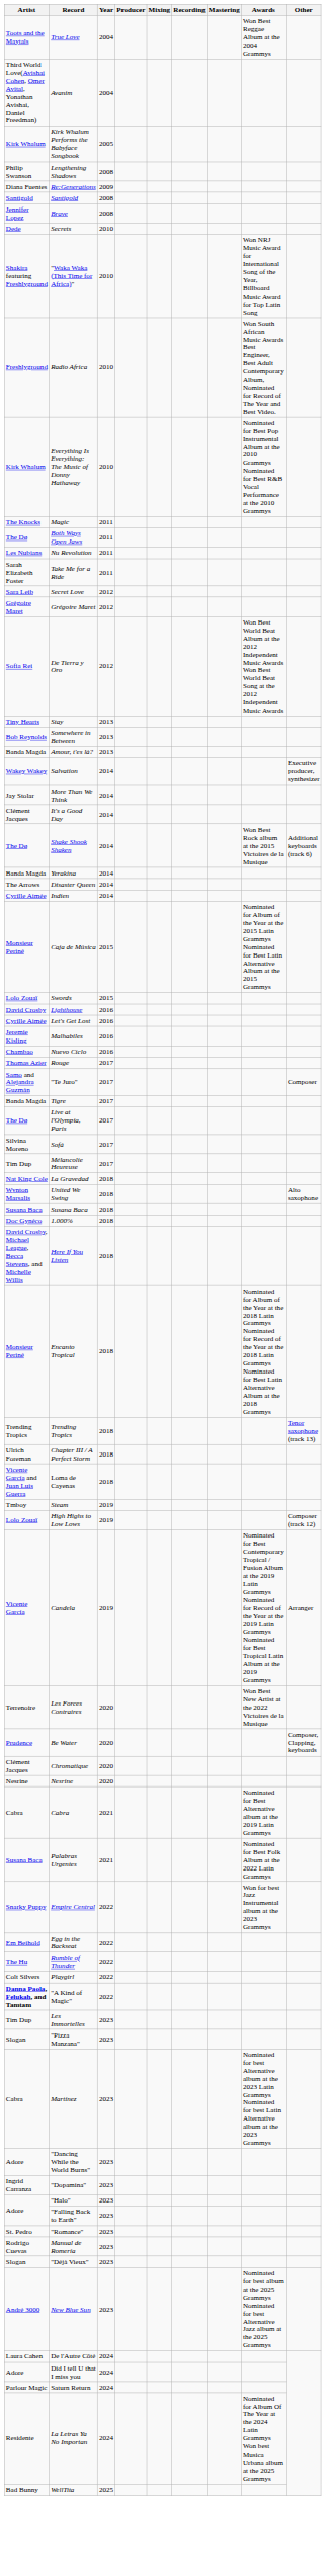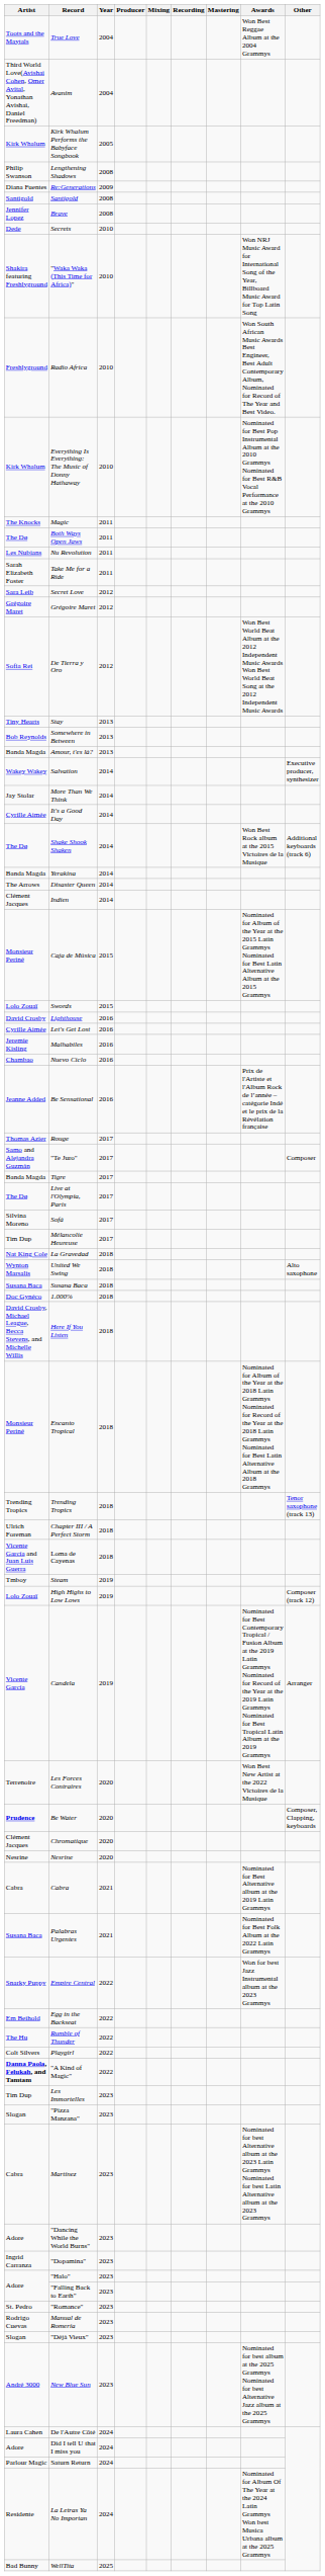 <table class="wikitable">
 <tr>
 <th>Artist</th>
 <th>Record</th>
 <th>Year</th>
 <th>Producer</th>
 <th>Mixing</th>
 <th>Recording</th>
 <th>Mastering</th>
 <th>Awards</th>
 <th>Other</th>
 </tr>
 <tr>
 <td><a href='#'>Toots and the Maytals</a></td>
 <td><em><a href='#'>True Love</a></em></td>
 <td>2004</td>
 <td></td>
 <td></td>
 <td></td>
 <td></td>
 <td>Won Best Reggae Album at the 2004 Grammys</td>
 <td></td>
 </tr>
 <tr>
 <td>Third World Love(<a href='#'>Avishai Cohen</a>, <a href='#'>Omer Avital</a>, Yonathan Avishai, Daniel Freedman)</td>
 <td><em>Avanim</em></td>
 <td>2004</td>
 <td></td>
 <td></td>
 <td></td>
 <td></td>
 <td></td>
 <td></td>
 </tr>
 <tr>
 <td><a href='#'>Kirk Whalum</a></td>
 <td><em>Kirk Whalum Performs the Babyface Songbook</em></td>
 <td>2005</td>
 <td></td>
 <td></td>
 <td></td>
 <td></td>
 <td></td>
 <td></td>
 </tr>
 <tr>
 <td>Philip Swanson</td>
 <td><em>Lengthening Shadows</em></td>
 <td>2008</td>
 <td></td>
 <td></td>
 <td></td>
 <td></td>
 <td></td>
 <td></td>
 </tr>
 <tr>
 <td>Diana Fuentes</td>
 <td><em><a href='#'>Re:Generations</a></em></td>
 <td>2009</td>
 <td></td>
 <td></td>
 <td></td>
 <td></td>
 <td></td>
 <td></td>
 </tr>
 <tr>
 <td><a href='#'>Santigold</a></td>
 <td><em><a href='#'>Santigold</a></em></td>
 <td>2008</td>
 <td></td>
 <td></td>
 <td></td>
 <td></td>
 <td></td>
 <td></td>
 </tr>
 <tr>
 <td><a href='#'>Jennifer Lopez</a></td>
 <td><em><a href='#'>Brave</a></em></td>
 <td>2008</td>
 <td></td>
 <td></td>
 <td></td>
 <td></td>
 <td></td>
 <td></td>
 </tr>
 <tr>
 <td><a href='#'>Dede</a></td>
 <td><em>Secrets</em></td>
 <td>2010</td>
 <td></td>
 <td></td>
 <td></td>
 <td></td>
 <td></td>
 <td></td>
 </tr>
 <tr>
 <td><a href='#'>Shakira</a> featuring <a href='#'>Freshlyground</a></td>
 <td>"<a href='#'>Waka Waka (This Time for Africa)</a>"</td>
 <td>2010</td>
 <td></td>
 <td></td>
 <td></td>
 <td></td>
 <td>Won NRJ Music Award for International Song of the Year, Billboard Music Award for Top Latin Song</td>
 <td></td>
 </tr>
 <tr>
 <td><a href='#'>Freshlyground</a></td>
 <td><em>Radio Africa</em></td>
 <td>2010</td>
 <td></td>
 <td></td>
 <td></td>
 <td></td>
 <td>Won South African Music Awards Best Engineer, Best Adult Contemporary Album, Nominated for Record of The Year and Best Video.</td>
 <td></td>
 </tr>
 <tr>
 <td><a href='#'>Kirk Whalum</a></td>
 <td><em>Everything Is Everything: The Music of Donny Hathaway</em></td>
 <td>2010</td>
 <td></td>
 <td></td>
 <td></td>
 <td></td>
 <td>Nominated for Best Pop Instrumental Album at the 2010 Grammys<br>Nominated for Best R&B Vocal Performance at the 2010 Grammys</td>
 <td></td>
 </tr>
 <tr>
 <td><a href='#'>The Knocks</a></td>
 <td><em>Magic</em></td>
 <td>2011</td>
 <td></td>
 <td></td>
 <td></td>
 <td></td>
 <td></td>
 <td></td>
 </tr>
 <tr>
 <td><a href='#'>The Dø</a></td>
 <td><em><a href='#'>Both Ways Open Jaws</a></em></td>
 <td>2011</td>
 <td></td>
 <td></td>
 <td></td>
 <td></td>
 <td></td>
 <td></td>
 </tr>
 <tr>
 <td><a href='#'>Les Nubians</a></td>
 <td><em>Nu Revolution</em></td>
 <td>2011</td>
 <td></td>
 <td></td>
 <td></td>
 <td></td>
 <td></td>
 <td></td>
 </tr>
 <tr>
 <td>Sarah Elizabeth Foster</td>
 <td><em>Take Me for a Ride</em></td>
 <td>2011</td>
 <td></td>
 <td></td>
 <td></td>
 <td></td>
 <td></td>
 <td></td>
 </tr>
 <tr>
 <td><a href='#'>Sara Leib</a></td>
 <td><em>Secret Love</em></td>
 <td>2012</td>
 <td></td>
 <td></td>
 <td></td>
 <td></td>
 <td></td>
 <td></td>
 </tr>
 <tr>
 <td><a href='#'>Grégoire Maret</a></td>
 <td><em>Grégoire Maret</em></td>
 <td>2012</td>
 <td></td>
 <td></td>
 <td></td>
 <td></td>
 <td></td>
 <td></td>
 </tr>
 <tr>
 <td><a href='#'>Sofia Rei</a></td>
 <td><em>De Tierra y Oro</em></td>
 <td>2012</td>
 <td></td>
 <td></td>
 <td></td>
 <td></td>
 <td>Won Best World Beat Album at the 2012 Independent Music Awards<br>Won Best World Beat Song at the 2012 Independent Music Awards</td>
 <td></td>
 </tr>
 <tr>
 <td><a href='#'>Tiny Hearts</a></td>
 <td><em>Stay</em></td>
 <td>2013</td>
 <td></td>
 <td></td>
 <td></td>
 <td></td>
 <td></td>
 <td></td>
 </tr>
 <tr>
 <td><a href='#'>Bob Reynolds</a></td>
 <td><em>Somewhere in Between</em></td>
 <td>2013</td>
 <td></td>
 <td></td>
 <td></td>
 <td></td>
 <td></td>
 <td></td>
 </tr>
 <tr>
 <td>Banda Magda</td>
 <td><em>Amour, t'es là?</em></td>
 <td>2013</td>
 <td></td>
 <td></td>
 <td></td>
 <td></td>
 <td></td>
 <td></td>
 </tr>
 <tr>
 <td><a href='#'>Wakey Wakey</a></td>
 <td><em>Salvation</em></td>
 <td>2014</td>
 <td></td>
 <td></td>
 <td></td>
 <td></td>
 <td></td>
 <td>Executive producer, synthesizer</td>
 </tr>
 <tr>
 <td>Jay Stolar</td>
 <td><em>More Than We Think</em></td>
 <td>2014</td>
 <td></td>
 <td></td>
 <td></td>
 <td></td>
 <td></td>
 <td></td>
 </tr>
 <tr>
-<td>Clément Jacques</td>
+<td><a href='#'>Cyrille Aimée</a></td>
 <td><em>It's a Good Day</em></td>
 <td>2014</td>
 <td></td>
 <td></td>
 <td></td>
 <td></td>
 <td></td>
 <td></td>
 </tr>
 <tr>
 <td><a href='#'>The Dø</a></td>
 <td><em><a href='#'>Shake Shook Shaken</a></em></td>
 <td>2014</td>
 <td></td>
 <td></td>
 <td></td>
 <td></td>
 <td>Won Best Rock album at the 2015 Victoires de la Musique</td>
 <td>Additional keyboards (track 6)</td>
 </tr>
 <tr>
 <td>Banda Magda</td>
 <td><em>Yerakina</em></td>
 <td>2014</td>
 <td></td>
 <td></td>
 <td></td>
 <td></td>
 <td></td>
 <td></td>
 </tr>
 <tr>
 <td>The Arrows</td>
 <td><em>Disaster Queen</em></td>
 <td>2014</td>
 <td></td>
 <td></td>
 <td></td>
 <td></td>
 <td></td>
 <td></td>
 </tr>
 <tr>
-<td><a href='#'>Cyrille Aimée</a></td>
+<td>Clément Jacques</td>
 <td><em>Indien</em></td>
 <td>2014</td>
 <td></td>
 <td></td>
 <td></td>
 <td></td>
 <td></td>
 <td></td>
 </tr>
 <tr>
 <td><a href='#'>Monsieur Periné</a></td>
 <td><em>Caja de Música</em></td>
 <td>2015</td>
 <td></td>
 <td></td>
 <td></td>
 <td></td>
 <td>Nominated for Album of the Year at the 2015 Latin Grammys<br>Nominated for Best Latin Alternative Album at the 2015 Grammys</td>
 <td></td>
 </tr>
 <tr>
 <td><a href='#'>Lolo Zouaï</a></td>
 <td><em>Swords</em></td>
 <td>2015</td>
 <td></td>
 <td></td>
 <td></td>
 <td></td>
 <td></td>
 <td></td>
 </tr>
 <tr>
 <td><a href='#'>David Crosby</a></td>
 <td><em><a href='#'>Lighthouse</a></em></td>
 <td>2016</td>
 <td></td>
 <td></td>
 <td></td>
 <td></td>
 <td></td>
 <td></td>
 </tr>
 <tr>
 <td><a href='#'>Cyrille Aimée</a></td>
 <td><em>Let's Get Lost</em></td>
 <td>2016</td>
 <td></td>
 <td></td>
 <td></td>
 <td></td>
 <td></td>
 <td></td>
 </tr>
 <tr>
 <td><a href='#'>Jeremie Kisling</a></td>
 <td><em>Malhabiles</em></td>
 <td>2016</td>
 <td></td>
 <td></td>
 <td></td>
 <td></td>
 <td></td>
 <td></td>
 </tr>
 <tr>
 <td><a href='#'>Chambao</a></td>
 <td><em>Nuevo Ciclo</em></td>
 <td>2016</td>
 <td></td>
 <td></td>
 <td></td>
 <td></td>
 <td></td>
+<td></td>
+</tr>
+<tr>
+<td><a href='#'>Jeanne Added</a></td>
+<td><em>Be Sensational</em></td>
+<td>2016</td>
+<td></td>
+<td></td>
+<td></td>
+<td></td>
+<td>Prix de l'Artiste et l'Album Rock de l’année – catégorie Indé et le prix de la Révélation française</td>
 <td></td>
 </tr>
 <tr>
 <td><a href='#'>Thomas Azier</a></td>
 <td><em>Rouge</em></td>
 <td>2017</td>
 <td></td>
 <td></td>
 <td></td>
 <td></td>
 <td></td>
 <td></td>
 </tr>
 <tr>
 <td><a href='#'>Samo</a> and <a href='#'>Alejandra Guzmán</a></td>
 <td>"Te Juro"</td>
 <td>2017</td>
 <td></td>
 <td></td>
 <td></td>
 <td></td>
 <td></td>
 <td>Composer</td>
 </tr>
 <tr>
 <td>Banda Magda</td>
 <td><em>Tigre</em></td>
 <td>2017</td>
 <td></td>
 <td></td>
 <td></td>
 <td></td>
 <td></td>
 <td></td>
 </tr>
 <tr>
 <td><a href='#'>The Dø</a></td>
 <td><em>Live at l'Olympia, Paris</em></td>
 <td>2017</td>
 <td></td>
 <td></td>
 <td></td>
 <td></td>
 <td></td>
 <td></td>
 </tr>
 <tr>
 <td>Silvina Moreno</td>
 <td><em>Sofá</em></td>
 <td>2017</td>
 <td></td>
 <td></td>
 <td></td>
 <td></td>
 <td></td>
 <td></td>
 </tr>
 <tr>
 <td>Tim Dup</td>
 <td><em>Mélancolie Heureuse</em></td>
 <td>2017</td>
 <td></td>
 <td></td>
 <td></td>
 <td></td>
 <td></td>
 <td></td>
 </tr>
 <tr>
 <td><a href='#'>Nat King Cole</a></td>
 <td><em>La Gravedad</em></td>
 <td>2018</td>
 <td></td>
 <td></td>
 <td></td>
 <td></td>
 <td></td>
 <td></td>
 </tr>
 <tr>
 <td><a href='#'>Wynton Marsalis</a></td>
 <td><em>United We Swing</em></td>
 <td>2018</td>
 <td></td>
 <td></td>
 <td></td>
 <td></td>
 <td></td>
 <td>Alto saxophone</td>
 </tr>
 <tr>
 <td><a href='#'>Susana Baca</a></td>
 <td><em>Susana Baca</em></td>
 <td>2018</td>
 <td></td>
 <td></td>
 <td></td>
 <td></td>
 <td></td>
 <td></td>
 </tr>
 <tr>
 <td><a href='#'>Doc Gynéco</a></td>
 <td><em>1.000%</em></td>
 <td>2018</td>
 <td></td>
 <td></td>
 <td></td>
 <td></td>
 <td></td>
 <td></td>
 </tr>
 <tr>
 <td><a href='#'>David Crosby</a>, <a href='#'>Michael League</a>, <a href='#'>Becca Stevens</a>, and <a href='#'>Michelle Willis</a></td>
 <td><em><a href='#'>Here If You Listen</a></em></td>
 <td>2018</td>
 <td></td>
 <td></td>
 <td></td>
 <td></td>
 <td></td>
 <td></td>
 </tr>
 <tr>
 <td><a href='#'>Monsieur Periné</a></td>
 <td><em>Encanto Tropical</em></td>
 <td>2018</td>
 <td></td>
 <td></td>
 <td></td>
 <td></td>
 <td>Nominated for Album of the Year at the 2018 Latin Grammys<br>Nominated for Record of the Year at the 2018 Latin Grammys Nominated for Best Latin Alternative Album at the 2018 Grammys</td>
 <td></td>
 </tr>
 <tr>
 <td>Trending Tropics</td>
 <td><em>Trending Tropics</em></td>
 <td>2018</td>
 <td></td>
 <td></td>
 <td></td>
 <td></td>
 <td></td>
 <td><a href='#'>Tenor saxophone</a> (track 13)</td>
 </tr>
 <tr>
 <td>Ulrich Foreman</td>
 <td><em>Chapter III / A Perfect Storm</em></td>
 <td>2018</td>
 <td></td>
 <td></td>
 <td></td>
 <td></td>
 <td></td>
 <td></td>
 </tr>
 <tr>
 <td><a href='#'>Vicente García</a> and <a href='#'>Juan Luis Guerra</a></td>
 <td>Loma de Cayenas</td>
 <td>2018</td>
 <td></td>
 <td></td>
 <td></td>
 <td></td>
 <td></td>
 <td></td>
 </tr>
 <tr>
 <td>Tmboy</td>
 <td><em>Steam</em></td>
 <td>2019</td>
 <td></td>
 <td></td>
 <td></td>
 <td></td>
 <td></td>
 <td></td>
 </tr>
 <tr>
 <td><a href='#'>Lolo Zouaï</a></td>
 <td><em>High Highs to Low Lows</em></td>
 <td>2019</td>
 <td></td>
 <td></td>
 <td></td>
 <td></td>
 <td></td>
 <td>Composer (track 12)</td>
 </tr>
 <tr>
 <td><a href='#'>Vicente García</a></td>
 <td><em>Candela</em></td>
 <td>2019</td>
 <td></td>
 <td></td>
 <td></td>
 <td></td>
 <td>Nominated for Best Contemporary Tropical / Fusion Album at the 2019 Latin Grammys<br>Nominated for Record of the Year at the 2019 Latin Grammys Nominated for Best Tropical Latin Album at the 2019 Grammys</td>
 <td>Arranger</td>
 </tr>
 <tr>
 <td>Terrenoire</td>
 <td><em>Les Forces Contraires</em></td>
 <td>2020</td>
 <td></td>
 <td></td>
 <td></td>
 <td></td>
 <td>Won Best New Artist at the 2022 Victoires de la Musique</td>
 <td></td>
 </tr>
 <tr>
-<td><a href='#'>Prudence</a></td>
+<td><strong><a href='#'>Prudence</a></strong></td>
 <td><em>Be Water</em></td>
 <td>2020</td>
 <td></td>
 <td></td>
 <td></td>
 <td></td>
 <td></td>
 <td>Composer, Clapping, keyboards</td>
 </tr>
 <tr>
 <td>Clément Jacques</td>
 <td><em>Chromatique</em></td>
 <td>2020</td>
 <td></td>
 <td></td>
 <td></td>
 <td></td>
 <td></td>
 <td></td>
 </tr>
 <tr>
 <td>Nesrine</td>
 <td><em>Nesrine</em></td>
 <td>2020</td>
 <td></td>
 <td></td>
 <td></td>
 <td></td>
 <td></td>
 <td></td>
 </tr>
 <tr>
 <td>Cabra</td>
 <td><em>Cabra</em></td>
 <td>2021</td>
 <td></td>
 <td></td>
 <td></td>
 <td></td>
 <td>Nominated for Best Alternative album at the 2019 Latin Grammys</td>
 <td></td>
 </tr>
 <tr>
 <td><a href='#'>Susana Baca</a></td>
 <td><em>Palabras Urgentes</em></td>
 <td>2021</td>
 <td></td>
 <td></td>
 <td></td>
 <td></td>
 <td>Nominated for Best Folk Album at the 2022 Latin Grammys</td>
 <td></td>
 </tr>
 <tr>
 <td><a href='#'>Snarky Puppy</a></td>
 <td><em><a href='#'>Empire Central</a></em></td>
 <td>2022</td>
 <td></td>
 <td></td>
 <td></td>
 <td></td>
 <td>Won for best Jazz Instrumental album at the 2023 Grammys</td>
 <td></td>
 </tr>
 <tr>
 <td><a href='#'>Em Beihold</a></td>
 <td><em>Egg in the Backseat</em></td>
 <td>2022</td>
 <td></td>
 <td></td>
 <td></td>
 <td></td>
 <td></td>
 <td></td>
 </tr>
 <tr>
 <td><a href='#'>The Hu</a></td>
 <td><em><a href='#'>Rumble of Thunder</a></em></td>
 <td>2022</td>
 <td></td>
 <td></td>
 <td></td>
 <td></td>
 <td></td>
 <td></td>
 </tr>
 <tr>
 <td>Colt Silvers</td>
 <td><em>Playgirl</em></td>
 <td>2022</td>
 <td></td>
 <td></td>
 <td></td>
 <td></td>
 <td></td>
 <td></td>
 </tr>
 <tr>
 <td><strong><a href='#'>Danna Paola</a>, <a href='#'>Felukah</a>, and Tamtam</strong></td>
 <td>"A Kind of Magic"</td>
 <td>2022</td>
 <td></td>
 <td></td>
 <td></td>
 <td></td>
 <td></td>
 <td></td>
 </tr>
 <tr>
 <td>Tim Dup</td>
 <td><em>Les Immortelles</em></td>
 <td>2023</td>
 <td></td>
 <td></td>
 <td></td>
 <td></td>
 <td></td>
 <td></td>
 </tr>
 <tr>
 <td>Slogan</td>
 <td>"Pizza Manzana"</td>
 <td>2023</td>
 <td></td>
 <td></td>
 <td></td>
 <td></td>
 <td></td>
 <td></td>
 </tr>
 <tr>
 <td>Cabra</td>
 <td><em>Martínez</em></td>
 <td>2023</td>
 <td></td>
 <td></td>
 <td></td>
 <td></td>
 <td>Nominated for best Alternative album at the 2023 Latin Grammys<br>Nominated for best Latin Alternative album at the 2023 Grammys</td>
 <td></td>
 </tr>
 <tr>
 <td>Adore</td>
 <td>"Dancing While the World Burns"</td>
 <td>2023</td>
 <td></td>
 <td></td>
 <td></td>
 <td></td>
 <td></td>
 <td></td>
 </tr>
 <tr>
 <td>Ingrid Carranza</td>
 <td>"Dopamina"</td>
 <td>2023</td>
 <td></td>
 <td></td>
 <td></td>
 <td></td>
 <td></td>
 <td></td>
 </tr>
 <tr>
 <td rowspan="2">Adore</td>
 <td>"Halo"</td>
 <td>2023</td>
 <td></td>
 <td></td>
 <td></td>
 <td></td>
 <td></td>
 <td></td>
 </tr>
 <tr>
 <td>"Falling Back to Earth"</td>
 <td>2023</td>
 <td></td>
 <td></td>
 <td></td>
 <td></td>
 <td></td>
 <td></td>
 </tr>
 <tr>
 <td>St. Pedro</td>
 <td>"Romance"</td>
 <td>2023</td>
 <td></td>
 <td></td>
 <td></td>
 <td></td>
 <td></td>
 <td></td>
 </tr>
 <tr>
 <td>Rodrigo Cuevas</td>
 <td><em>Manual de Romería</em></td>
 <td>2023</td>
 <td></td>
 <td></td>
 <td></td>
 <td></td>
 <td></td>
 <td></td>
 </tr>
 <tr>
 <td>Slogan</td>
 <td>"Déjà Vieux"</td>
 <td>2023</td>
 <td></td>
 <td></td>
 <td></td>
 <td></td>
 <td></td>
 <td></td>
 </tr>
 <tr>
 <td><a href='#'>André 3000</a></td>
 <td><em><a href='#'>New Blue Sun</a></em></td>
 <td>2023</td>
 <td></td>
 <td></td>
 <td></td>
 <td></td>
 <td>Nominated for best album at the 2025 Grammys<br>Nominated for best Alternative Jazz album at the 2025 Grammys</td>
 <td></td>
 </tr>
 <tr>
 <td>Laura Cahen</td>
 <td>De l'Autre Côté</td>
 <td>2024</td>
 <td></td>
 <td></td>
 <td></td>
 <td></td>
 <td></td>
 </tr>
 <tr>
 <td>Adore</td>
 <td>Did I tell U that I miss you</td>
 <td>2024</td>
 <td></td>
 <td></td>
 <td></td>
 <td></td>
 <td></td>
 </tr>
 <tr>
 <td>Parlour Magic</td>
 <td>Saturn Return</td>
 <td>2024</td>
 <td></td>
 <td></td>
 <td></td>
 <td></td>
 <td></td>
 </tr>
 <tr>
 <td>Residente</td>
 <td><em>La Letras Ya No Importan</em></td>
 <td>2024</td>
 <td></td>
 <td></td>
 <td></td>
 <td></td>
 <td>Nominated for Album Of The Year at the 2024 Latin Grammys<br>Won best Musica Urbana album at the 2025 Grammys</td>
 </tr>
 <tr>
 <td>Bad Bunny</td>
 <td><em>WellTita</em></td>
 <td>2025</td>
 <td></td>
 <td></td>
 <td></td>
 <td></td>
 <td></td>
 </tr>
 </table>
